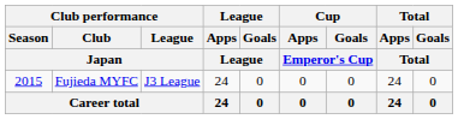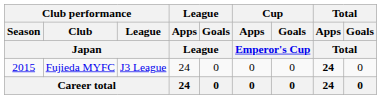 <table class="wikitable" style="text-align:center">
 <tr>
 <th colspan=3>Club performance</th>
 <th colspan=2>League</th>
 <th colspan=2>Cup</th>
 <th colspan=2>Total</th>
 </tr>
 <tr>
 <th>Season</th>
 <th>Club</th>
 <th>League</th>
 <th>Apps</th>
 <th>Goals</th>
 <th>Apps</th>
 <th>Goals</th>
 <th>Apps</th>
 <th>Goals</th>
 </tr>
 <tr>
 <th colspan=3>Japan</th>
 <th colspan=2>League</th>
 <th colspan=2><a href='#'>Emperor's Cup</a></th>
 <th colspan=2>Total</th>
 </tr>
 <tr>
 <td><a href='#'>2015</a></td>
 <td rowspan="1"><a href='#'>Fujieda MYFC</a></td>
 <td rowspan="1"><a href='#'>J3 League</a></td>
 <td>24</td>
 <td>0</td>
 <td>0</td>
 <td>0</td>
-<td>24</td>
+<td><strong>24</strong></td>
 <td>0</td>
 </tr>
 <tr>
 <th colspan=3>Career total</th>
 <th>24</th>
 <th>0</th>
 <th>0</th>
 <th>0</th>
 <th>24</th>
 <th>0</th>
 </tr>
 </table>
